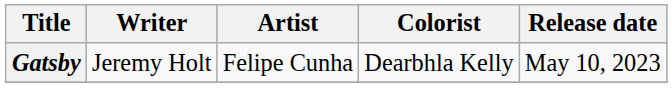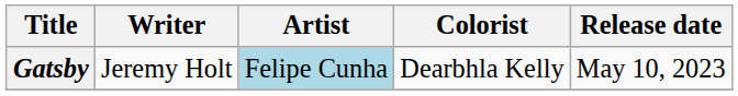 <table class="wikitable sortable collapsible plainrowheaders" style="margin:1em auto 1em auto;">
 <tr>
 <th scope="col">Title</th>
 <th scope="col">Writer</th>
 <th scope="col">Artist</th>
 <th scope="col">Colorist</th>
 <th scope="col">Release date</th>
 </tr>
 <tr>
 <th scope="row"><em>Gatsby</em></th>
 <td align="center">Jeremy Holt</td>
-<td align="center">Felipe Cunha</td>
+<td align="center" style="background: lightblue;">Felipe Cunha</td>
 <td align="center">Dearbhla Kelly</td>
 <td align="center">May 10, 2023</td>
 </tr>
 <tr>
 </tr>
 </table>
